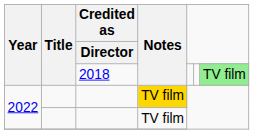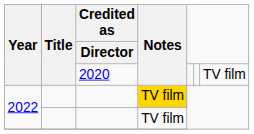 <table class="wikitable sortable">
 <tr>
 <th rowspan=3>Year</th>
 <th rowspan=3>Title</th>
 <th colspan=1>Credited as</th>
 <th rowspan=3>Notes</th>
 </tr>
 <tr>
 <th width=65>Director</th>
 </tr>
 <tr>
-<td><a href='#'>2018</a></td>
+<td><a href='#'>2020</a></td>
 <td></td>
 <td></td>
-<td style="background: lightgreen;">TV film</td>
+<td>TV film</td>
 </tr>
 <tr>
 <td rowspan=2><a href='#'>2022</a></td>
 <td></td>
 <td></td>
 <td style="background: gold;">TV film</td>
 </tr>
 <tr>
 <td></td>
 <td></td>
 <td>TV film</td>
 </tr>
 <tr>
 </tr>
 </table>
